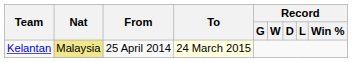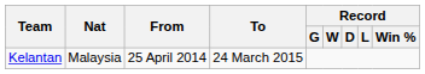 <table class="wikitable" style="text-align: center;">
 <tr>
 <th rowspan="2">Team</th>
 <th rowspan="2">Nat</th>
 <th rowspan="2">From</th>
 <th rowspan="2">To</th>
 <th colspan="5">Record</th>
 </tr>
 <tr>
 <th>G</th>
 <th>W</th>
 <th>D</th>
 <th>L</th>
 <th>Win %</th>
 </tr>
 <tr>
 <td align=left><a href='#'>Kelantan</a></td>
-<td style="background: khaki;">Malaysia</td>
+<td>Malaysia</td>
 <td align=left>25 April 2014</td>
-<td align=left style="background: lightyellow;">24 March 2015<br></td>
+<td align=left>24 March 2015<br></td>
 </tr>
 </table>
